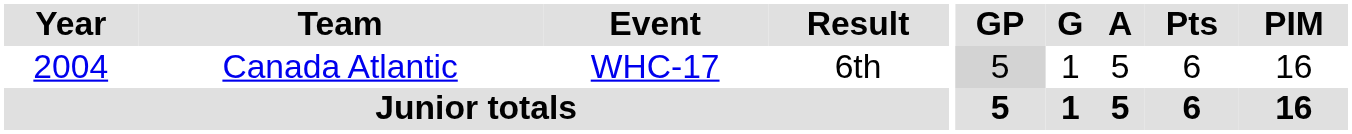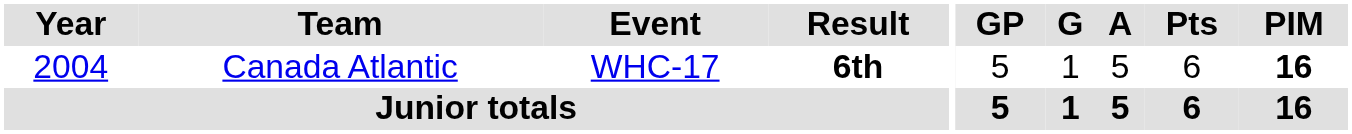 <table border="0" cellpadding="1" cellspacing="0" ID="Table3" style="text-align:center; width:40em">
 <tr ALIGN="center" bgcolor="#e0e0e0">
 <th>Year</th>
 <th>Team</th>
 <th>Event</th>
 <th>Result</th>
 <th rowspan="99" bgcolor="#ffffff"></th>
 <th>GP</th>
 <th>G</th>
 <th>A</th>
 <th>Pts</th>
 <th>PIM</th>
 </tr>
 <tr>
 <td><a href='#'>2004</a></td>
 <td><a href='#'>Canada Atlantic</a></td>
 <td><a href='#'>WHC-17</a></td>
-<td>6th</td>
-<td style="background: lightgrey;">5</td>
+<td><strong>6th</strong></td>
+<td>5</td>
 <td>1</td>
 <td>5</td>
 <td>6</td>
-<td>16</td>
+<td><strong>16</strong></td>
 </tr>
 <tr style="background:#e0e0e0;">
 <th colspan=4>Junior totals</th>
 <th>5</th>
 <th>1</th>
 <th>5</th>
 <th>6</th>
 <th>16</th>
 </tr>
 </table>
